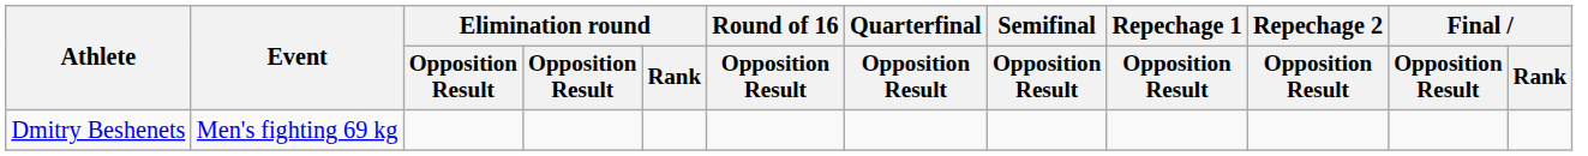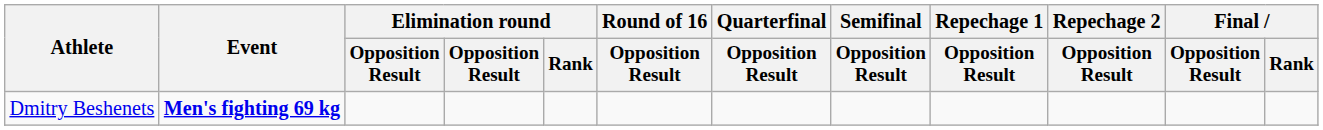 <table class=wikitable style=font-size:90%;text-align:center>
 <tr>
 <th rowspan=2>Athlete</th>
 <th rowspan=2>Event</th>
 <th colspan=3>Elimination round</th>
 <th>Round of 16</th>
 <th>Quarterfinal</th>
 <th>Semifinal</th>
 <th>Repechage 1</th>
 <th>Repechage 2</th>
 <th colspan=2>Final / </th>
 </tr>
 <tr style=font-size:95%>
 <th>Opposition<br>Result</th>
 <th>Opposition<br>Result</th>
 <th>Rank</th>
 <th>Opposition<br>Result</th>
 <th>Opposition<br>Result</th>
 <th>Opposition<br>Result</th>
 <th>Opposition<br>Result</th>
 <th>Opposition<br>Result</th>
 <th>Opposition<br>Result</th>
 <th>Rank</th>
 </tr>
 <tr>
 <td align=left><a href='#'>Dmitry Beshenets</a></td>
-<td align=left><a href='#'>Men's fighting 69 kg</a></td>
+<td align=left><strong><a href='#'>Men's fighting 69 kg</a></strong></td>
 <td></td>
 <td></td>
 <td></td>
 <td></td>
 <td></td>
 <td></td>
 <td></td>
 <td></td>
 <td></td>
 <td></td>
 </tr>
 </table>
